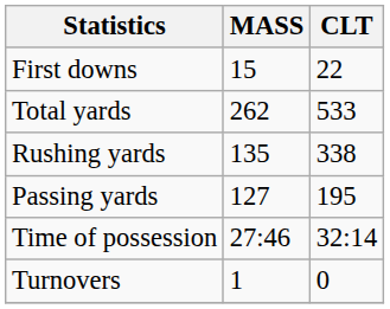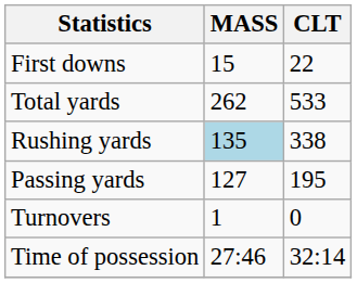 <table class="wikitable">
 <tr>
 <th>Statistics</th>
 <th>MASS</th>
 <th>CLT</th>
 </tr>
 <tr>
 <td>First downs</td>
 <td>15</td>
 <td>22</td>
 </tr>
 <tr>
 <td>Total yards</td>
 <td>262</td>
 <td>533</td>
 </tr>
 <tr>
 <td>Rushing yards</td>
-<td>135</td>
+<td style="background: lightblue;">135</td>
 <td>338</td>
 </tr>
 <tr>
 <td>Passing yards</td>
 <td>127</td>
 <td>195</td>
 </tr>
 <tr>
+<td>Turnovers</td>
+<td>1</td>
+<td>0</td>
+</tr>
+<tr>
 <td>Time of possession</td>
 <td>27:46</td>
 <td>32:14</td>
 </tr>
 <tr>
-<td>Turnovers</td>
-<td>1</td>
-<td>0</td>
-</tr>
-<tr>
 </tr>
 </table>
